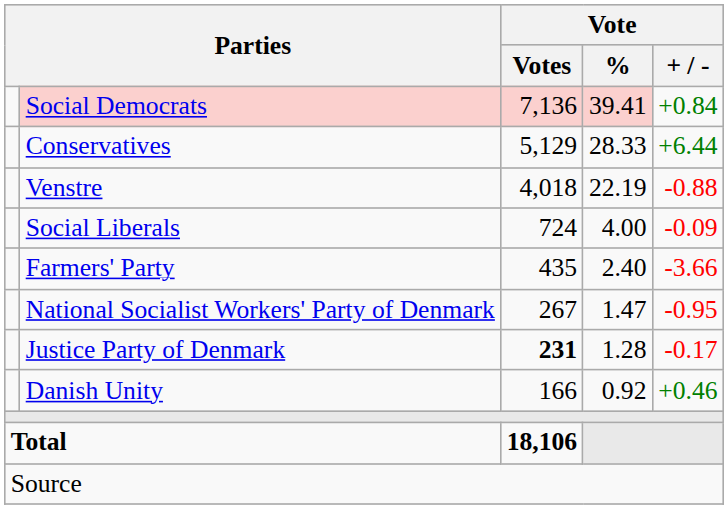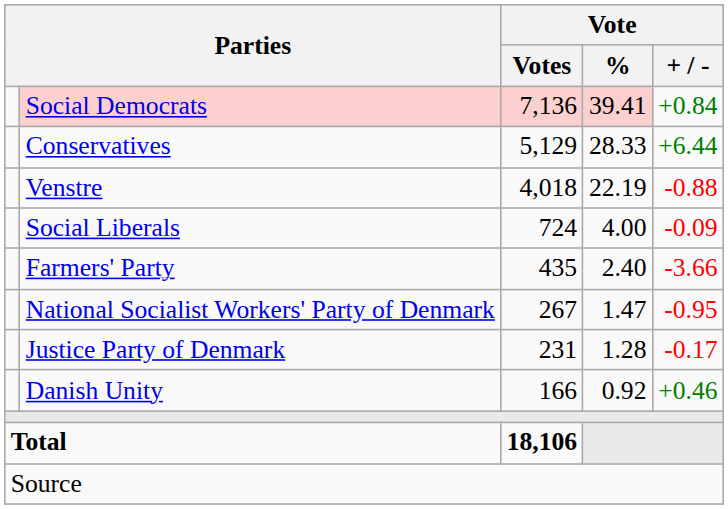 <table class="wikitable" style="text-align:right;">
 <tr>
 <th style="text-align:centre;" rowspan="2" colspan="2" width="225">Parties</th>
 <th colspan="3">Vote</th>
 </tr>
 <tr>
 <th width="15">Votes</th>
 <th width="15">%</th>
 <th width="15">+ / -</th>
 </tr>
 <tr>
 <td width="2" style="color:inherit;background:"></td>
 <td bgcolor=#fbd0ce  align="left"><a href='#'>Social Democrats</a></td>
 <td bgcolor=#fbd0ce>7,136</td>
 <td bgcolor=#fbd0ce>39.41</td>
 <td style=color:green;>+0.84</td>
 </tr>
 <tr>
 <td width="2" style="color:inherit;background:"></td>
 <td align="left"><a href='#'>Conservatives</a></td>
 <td>5,129</td>
 <td>28.33</td>
 <td style=color:green;>+6.44</td>
 </tr>
 <tr>
 <td width="2" style="color:inherit;background:"></td>
 <td align="left"><a href='#'>Venstre</a></td>
 <td>4,018</td>
 <td>22.19</td>
 <td style=color:red;>-0.88</td>
 </tr>
 <tr>
 <td width="2" style="color:inherit;background:"></td>
 <td align="left"><a href='#'>Social Liberals</a></td>
 <td>724</td>
 <td>4.00</td>
 <td style=color:red;>-0.09</td>
 </tr>
 <tr>
 <td width="2" style="color:inherit;background:"></td>
 <td align="left"><a href='#'>Farmers' Party</a></td>
 <td>435</td>
 <td>2.40</td>
 <td style=color:red;>-3.66</td>
 </tr>
 <tr>
 <td width="2" style="color:inherit;background:"></td>
 <td align="left"><a href='#'>National Socialist Workers' Party of Denmark</a></td>
 <td>267</td>
 <td>1.47</td>
 <td style=color:red;>-0.95</td>
 </tr>
 <tr>
 <td width="2" style="color:inherit;background:"></td>
 <td align="left"><a href='#'>Justice Party of Denmark</a></td>
-<td><strong>231</strong></td>
+<td>231</td>
 <td>1.28</td>
 <td style=color:red;>-0.17</td>
 </tr>
 <tr>
 <td width="2" style="color:inherit;background:"></td>
 <td align="left"><a href='#'>Danish Unity</a></td>
 <td>166</td>
 <td>0.92</td>
 <td style=color:green;>+0.46</td>
 </tr>
 <tr>
 <td colspan="7" bgcolor="#E9E9E9"></td>
 </tr>
 <tr>
 <td align="left" colspan="2"><strong>Total</strong></td>
 <td><strong>18,106</strong></td>
 <td bgcolor="#E9E9E9" colspan="2"></td>
 </tr>
 <tr>
 <td align="left" colspan="6">Source</td>
 </tr>
 </table>
